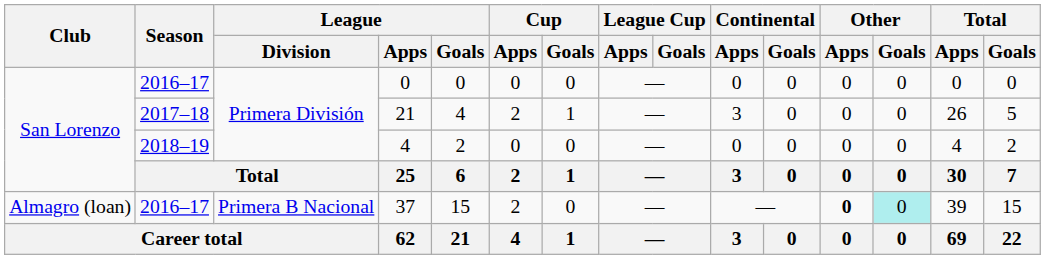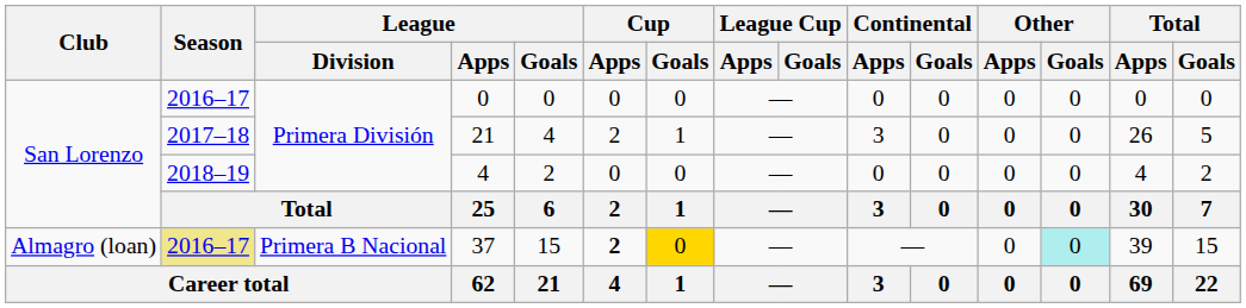 <table class="wikitable" style="text-align:center">
 <tr>
 <th rowspan="2">Club</th>
 <th rowspan="2">Season</th>
 <th colspan="3">League</th>
 <th colspan="2">Cup</th>
 <th colspan="2">League Cup</th>
 <th colspan="2">Continental</th>
 <th colspan="2">Other</th>
 <th colspan="2">Total</th>
 </tr>
 <tr>
 <th>Division</th>
 <th>Apps</th>
 <th>Goals</th>
 <th>Apps</th>
 <th>Goals</th>
 <th>Apps</th>
 <th>Goals</th>
 <th>Apps</th>
 <th>Goals</th>
 <th>Apps</th>
 <th>Goals</th>
 <th>Apps</th>
 <th>Goals</th>
 </tr>
 <tr>
 <td rowspan="4"><a href='#'>San Lorenzo</a></td>
 <td><a href='#'>2016–17</a></td>
 <td rowspan="3"><a href='#'>Primera División</a></td>
 <td>0</td>
 <td>0</td>
 <td>0</td>
 <td>0</td>
 <td colspan="2">—</td>
 <td>0</td>
 <td>0</td>
 <td>0</td>
 <td>0</td>
 <td>0</td>
 <td>0</td>
 </tr>
 <tr>
 <td><a href='#'>2017–18</a></td>
 <td>21</td>
 <td>4</td>
 <td>2</td>
 <td>1</td>
 <td colspan="2">—</td>
 <td>3</td>
 <td>0</td>
 <td>0</td>
 <td>0</td>
 <td>26</td>
 <td>5</td>
 </tr>
 <tr>
 <td><a href='#'>2018–19</a></td>
 <td>4</td>
 <td>2</td>
 <td>0</td>
 <td>0</td>
 <td colspan="2">—</td>
 <td>0</td>
 <td>0</td>
 <td>0</td>
 <td>0</td>
 <td>4</td>
 <td>2</td>
 </tr>
 <tr>
 <th colspan="2">Total</th>
 <th>25</th>
 <th>6</th>
 <th>2</th>
 <th>1</th>
 <th colspan="2">—</th>
 <th>3</th>
 <th>0</th>
 <th>0</th>
 <th>0</th>
 <th>30</th>
 <th>7</th>
 </tr>
 <tr>
 <td rowspan="1"><a href='#'>Almagro</a> (loan)</td>
-<td><a href='#'>2016–17</a></td>
+<td style="background: khaki;"><a href='#'>2016–17</a></td>
 <td rowspan="1"><a href='#'>Primera B Nacional</a></td>
 <td>37</td>
 <td>15</td>
-<td>2</td>
-<td>0</td>
+<td><strong>2</strong></td>
+<td style="background: gold;">0</td>
 <td colspan="2">—</td>
 <td colspan="2">—</td>
-<td><strong>0</strong></td>
+<td>0</td>
 <td style="background: paleturquoise;">0</td>
 <td>39</td>
 <td>15</td>
 </tr>
 <tr>
 <th colspan="3">Career total</th>
 <th>62</th>
 <th>21</th>
 <th>4</th>
 <th>1</th>
 <th colspan="2">—</th>
 <th>3</th>
 <th>0</th>
 <th>0</th>
 <th>0</th>
 <th>69</th>
 <th>22</th>
 </tr>
 </table>
